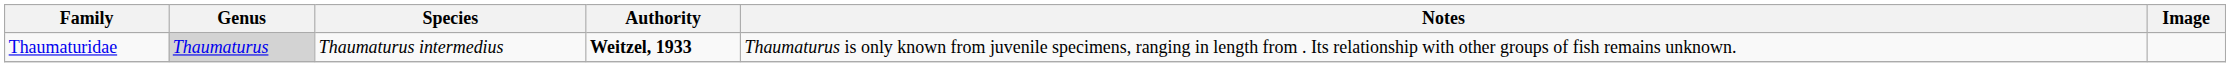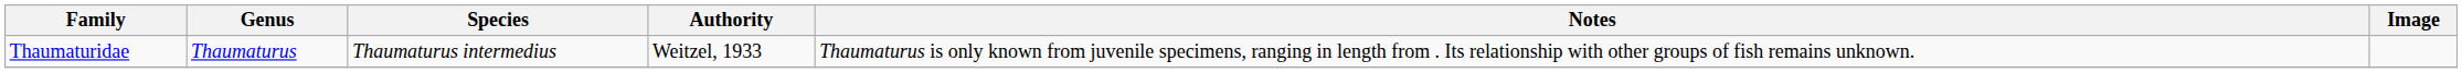 <table class="wikitable" align="center" width="100%">
 <tr>
 <th>Family</th>
 <th>Genus</th>
 <th>Species</th>
 <th>Authority</th>
 <th>Notes</th>
 <th>Image</th>
 </tr>
 <tr>
 <td><a href='#'>Thaumaturidae</a></td>
-<td style="background: lightgrey;"><em><a href='#'>Thaumaturus</a></em></td>
+<td><em><a href='#'>Thaumaturus</a></em></td>
 <td><em>Thaumaturus intermedius</em></td>
-<td><strong>Weitzel, 1933</strong></td>
+<td>Weitzel, 1933</td>
 <td><em>Thaumaturus</em> is only known from juvenile specimens, ranging in length from . Its relationship with other groups of fish remains unknown.</td>
 <td></td>
 </tr>
 <tr>
 </tr>
 </table>
